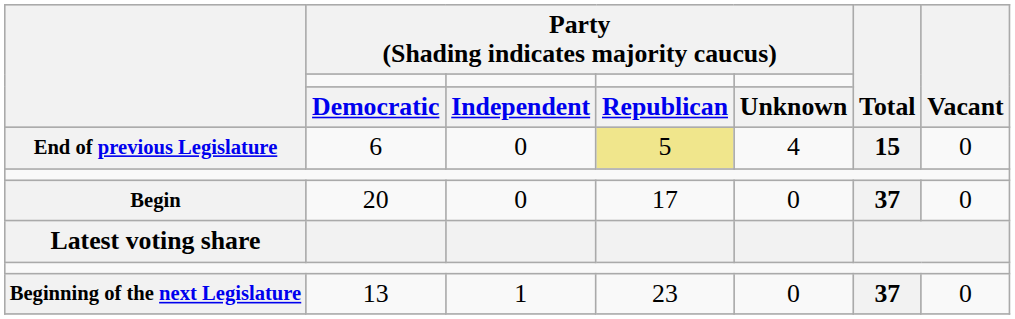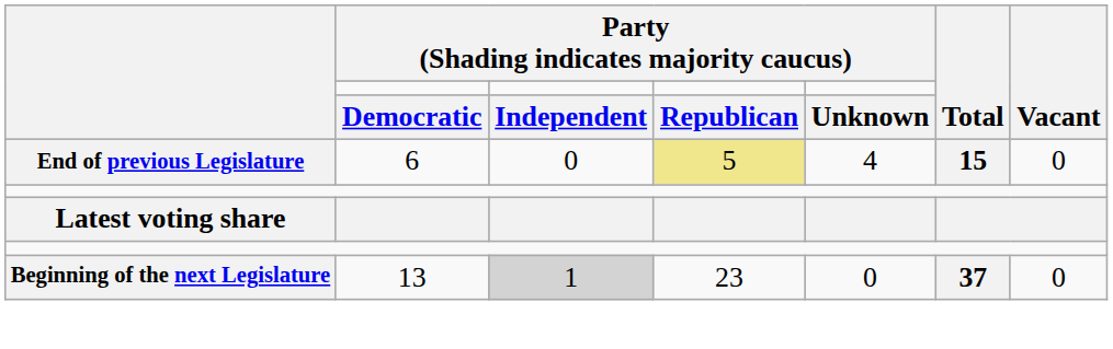 <table class=wikitable style="text-align:center">
 <tr style="vertical-align:bottom;">
 <th rowspan=3></th>
 <th colspan=4>Party <div>(Shading indicates majority caucus)</div></th>
 <th rowspan=3>Total</th>
 <th rowspan=3>Vacant</th>
 </tr>
 <tr style="height:5px">
 <td style="background-color:"></td>
 <td style="background-color:"></td>
 <td style="background-color:"></td>
 <td style="background-color:"></td>
 </tr>
 <tr>
 <th><a href='#'>Democratic</a></th>
 <th><a href='#'>Independent</a></th>
 <th><a href='#'>Republican</a></th>
 <th>Unknown</th>
 </tr>
 <tr>
 <th style="white-space:nowrap; font-size:80%;">End of <a href='#'>previous Legislature</a></th>
 <td>6</td>
 <td>0</td>
 <td style="background: khaki;">5</td>
 <td>4</td>
 <th>15</th>
 <td>0</td>
 </tr>
 <tr>
 <td colspan=7></td>
 </tr>
 <tr>
-<th style="font-size:80%">Begin</th>
-<td>20</td>
-<td>0</td>
-<td>17</td>
-<td>0</td>
-<th>37</th>
-<td>0</td>
-</tr>
-<tr>
 <th>Latest voting share</th>
 <th></th>
 <th></th>
 <th></th>
 <th></th>
 <th colspan=2></th>
 </tr>
 <tr>
 <td colspan=7></td>
 </tr>
 <tr>
 <th style="white-space:nowrap; font-size:80%;">Beginning of the <a href='#'>next Legislature</a></th>
 <td>13</td>
-<td>1</td>
+<td style="background: lightgrey;">1</td>
 <td>23</td>
 <td>0</td>
 <th>37</th>
 <td>0</td>
 </tr>
 </table>
